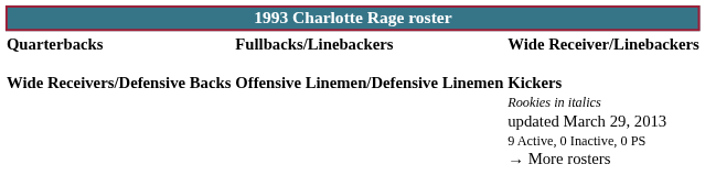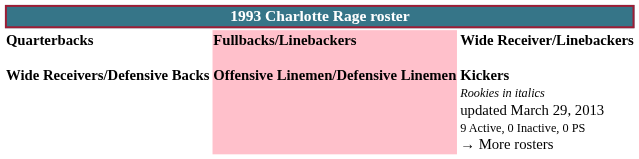 <table class="toccolours" style="text-align: left;">
 <tr>
 <th colspan="7" style="background:#367588; border:2px solid #9F1D35; color:white; text-align:center;"><strong>1993 Charlotte Rage roster</strong></th>
 </tr>
 <tr>
 <td style="font-size: 95%;" valign="top"><strong>Quarterbacks</strong><br> <br><strong>Wide Receivers/Defensive Backs</strong>  </td>
-<td style="font-size: 95%;" valign="top"><strong>Fullbacks/Linebackers</strong><br> <br><strong>Offensive Linemen/Defensive Linemen</strong> </td>
+<td style="background: pink; font-size: 95%;" valign="top"><strong>Fullbacks/Linebackers</strong><br> <br><strong>Offensive Linemen/Defensive Linemen</strong> </td>
 <td style="font-size: 95%;" valign="top"><strong>Wide Receiver/Linebackers</strong><br><br><strong>Kickers</strong> <br><small><em>Rookies in italics</em></small><br>  updated March 29, 2013<br> <small>9 Active, 0 Inactive, 0 PS</small><br>→ More rosters</td>
 </tr>
 <tr>
 </tr>
 </table>
